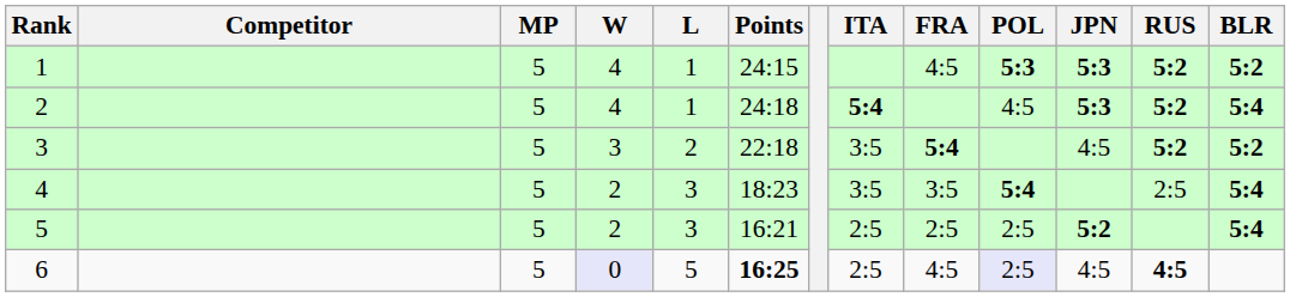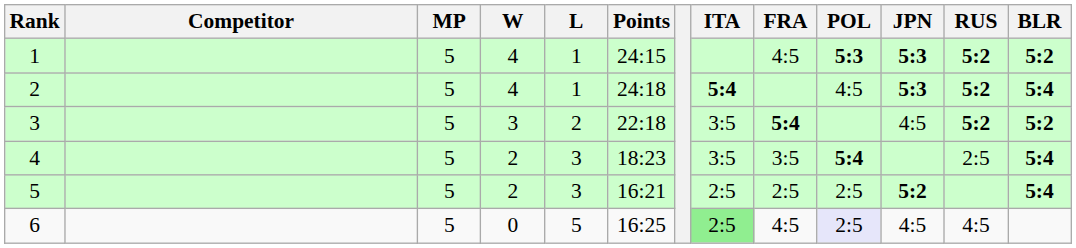 <table class="wikitable" style="text-align:center">
 <tr>
 <th>Rank</th>
 <th style="width:16em">Competitor</th>
 <th style="width:2.5em">MP</th>
 <th style="width:2.5em">W</th>
 <th style="width:2.5em">L</th>
 <th>Points</th>
 <th rowspan="7"> </th>
 <th style="width:2.5em">ITA</th>
 <th style="width:2.5em">FRA</th>
 <th style="width:2.5em">POL</th>
 <th style="width:2.5em">JPN</th>
 <th style="width:2.5em">RUS</th>
 <th style="width:2.5em">BLR</th>
 </tr>
 <tr style="background:#cfc;">
 <td>1</td>
 <td style="text-align:left"></td>
 <td>5</td>
 <td>4</td>
 <td>1</td>
 <td>24:15</td>
 <td></td>
 <td>4:5</td>
 <td><strong>5:3</strong></td>
 <td><strong>5:3</strong></td>
 <td><strong>5:2</strong></td>
 <td><strong>5:2</strong></td>
 </tr>
 <tr style="background:#cfc;">
 <td>2</td>
 <td style="text-align:left"></td>
 <td>5</td>
 <td>4</td>
 <td>1</td>
 <td>24:18</td>
 <td><strong>5:4</strong></td>
 <td></td>
 <td>4:5</td>
 <td><strong>5:3</strong></td>
 <td><strong>5:2</strong></td>
 <td><strong>5:4</strong></td>
 </tr>
 <tr style="background:#cfc;">
 <td>3</td>
 <td style="text-align:left"></td>
 <td>5</td>
 <td>3</td>
 <td>2</td>
 <td>22:18</td>
 <td>3:5</td>
 <td><strong>5:4</strong></td>
 <td></td>
 <td>4:5</td>
 <td><strong>5:2</strong></td>
 <td><strong>5:2</strong></td>
 </tr>
 <tr style="background:#cfc;">
 <td>4</td>
 <td style="text-align:left"></td>
 <td>5</td>
 <td>2</td>
 <td>3</td>
 <td>18:23</td>
 <td>3:5</td>
 <td>3:5</td>
 <td><strong>5:4</strong></td>
 <td></td>
 <td>2:5</td>
 <td><strong>5:4</strong></td>
 </tr>
 <tr style="background:#cfc;">
 <td>5</td>
 <td style="text-align:left"></td>
 <td>5</td>
 <td>2</td>
 <td>3</td>
 <td>16:21</td>
 <td>2:5</td>
 <td>2:5</td>
 <td>2:5</td>
 <td><strong>5:2</strong></td>
 <td></td>
 <td><strong>5:4</strong></td>
 </tr>
 <tr>
 <td>6</td>
 <td style="text-align:left"></td>
 <td>5</td>
-<td style="background: lavender;">0</td>
+<td>0</td>
 <td>5</td>
-<td><strong>16:25</strong></td>
-<td>2:5</td>
+<td>16:25</td>
+<td style="background: lightgreen;">2:5</td>
 <td>4:5</td>
 <td style="background: lavender;">2:5</td>
 <td>4:5</td>
-<td><strong>4:5</strong></td>
+<td>4:5</td>
 <td></td>
 </tr>
 </table>
